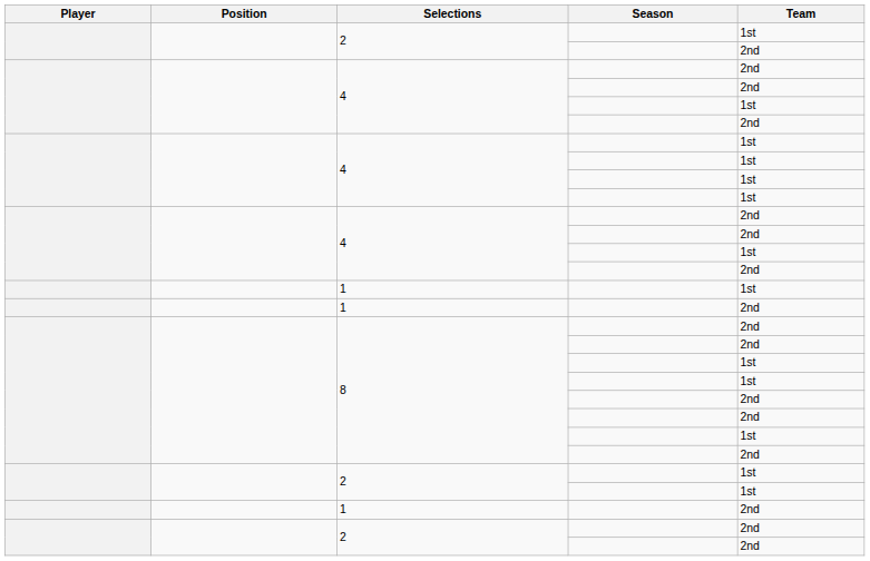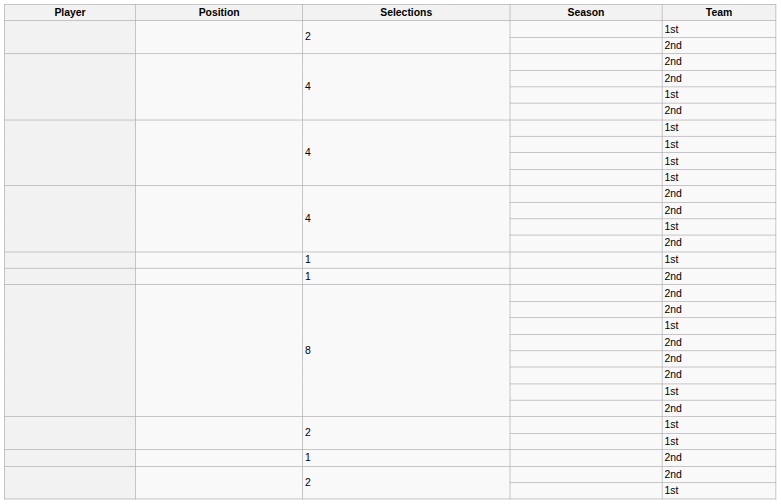 <table class="wikitable sortable" width="75%">
 <tr>
 <th scope="col">Player</th>
 <th scope="col">Position</th>
 <th scope="col">Selections</th>
 <th scope="col">Season</th>
 <th scope="col">Team</th>
 </tr>
 <tr>
 <th scope="row" rowspan="2"></th>
 <td rowspan="2"></td>
 <td rowspan="2">2</td>
 <td></td>
 <td>1st</td>
 </tr>
 <tr>
 <td></td>
 <td>2nd</td>
 </tr>
 <tr>
 <th scope="row" rowspan="4"></th>
 <td rowspan="4"></td>
 <td rowspan="4">4</td>
 <td></td>
 <td>2nd</td>
 </tr>
 <tr>
 <td></td>
 <td>2nd</td>
 </tr>
 <tr>
 <td></td>
 <td>1st</td>
 </tr>
 <tr>
 <td></td>
 <td>2nd</td>
 </tr>
 <tr>
 <th scope="row" rowspan="4"></th>
 <td rowspan="4"></td>
 <td rowspan="4">4</td>
 <td></td>
 <td>1st</td>
 </tr>
 <tr>
 <td></td>
 <td>1st</td>
 </tr>
 <tr>
 <td></td>
 <td>1st</td>
 </tr>
 <tr>
 <td></td>
 <td>1st</td>
 </tr>
 <tr>
 <th scope="row" rowspan="4"></th>
 <td rowspan="4"></td>
 <td rowspan="4">4</td>
 <td></td>
 <td>2nd</td>
 </tr>
 <tr>
 <td></td>
 <td>2nd</td>
 </tr>
 <tr>
 <td></td>
 <td>1st</td>
 </tr>
 <tr>
 <td></td>
 <td>2nd</td>
 </tr>
 <tr>
 <th scope="row"></th>
 <td></td>
 <td>1</td>
 <td></td>
 <td>1st</td>
 </tr>
 <tr>
 <th scope="row"></th>
 <td></td>
 <td>1</td>
 <td></td>
 <td>2nd</td>
 </tr>
 <tr>
 <th scope="row" rowspan="8"></th>
 <td rowspan="8"></td>
 <td rowspan="8">8</td>
 <td></td>
 <td>2nd</td>
 </tr>
 <tr>
 <td></td>
 <td>2nd</td>
 </tr>
 <tr>
 <td></td>
 <td>1st</td>
 </tr>
 <tr>
 <td></td>
-<td>1st</td>
+<td>2nd</td>
 </tr>
 <tr>
 <td></td>
 <td>2nd</td>
 </tr>
 <tr>
 <td></td>
 <td>2nd</td>
 </tr>
 <tr>
 <td></td>
 <td>1st</td>
 </tr>
 <tr>
 <td></td>
 <td>2nd</td>
 </tr>
 <tr>
 <th scope="row" rowspan="2"></th>
 <td rowspan="2"></td>
 <td rowspan="2">2</td>
 <td></td>
 <td>1st</td>
 </tr>
 <tr>
 <td></td>
 <td>1st</td>
 </tr>
 <tr>
 <th scope="row"></th>
 <td></td>
 <td>1</td>
 <td></td>
 <td>2nd</td>
 </tr>
 <tr>
 <th scope="row" rowspan="2"></th>
 <td rowspan="2"></td>
 <td rowspan="2">2</td>
 <td></td>
 <td>2nd</td>
 </tr>
 <tr>
 <td></td>
-<td>2nd</td>
+<td>1st</td>
 </tr>
 </table>
